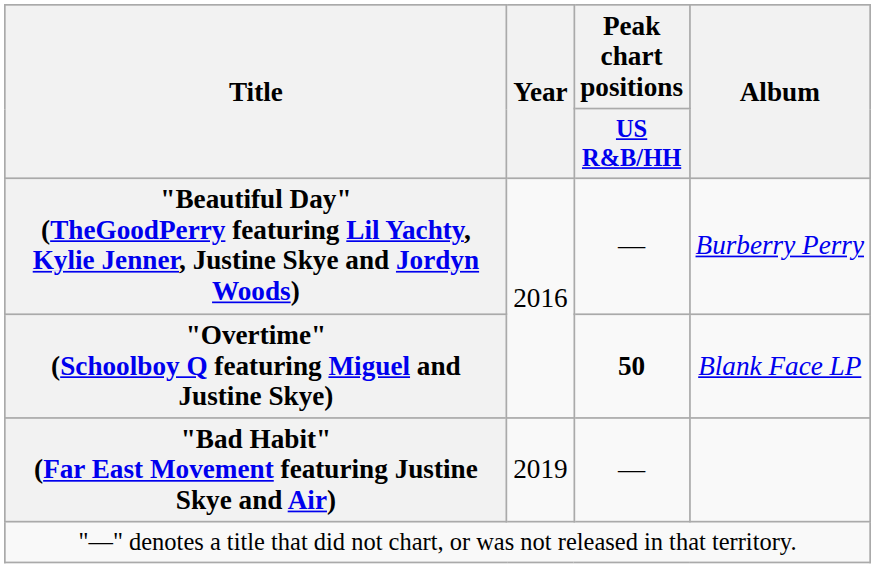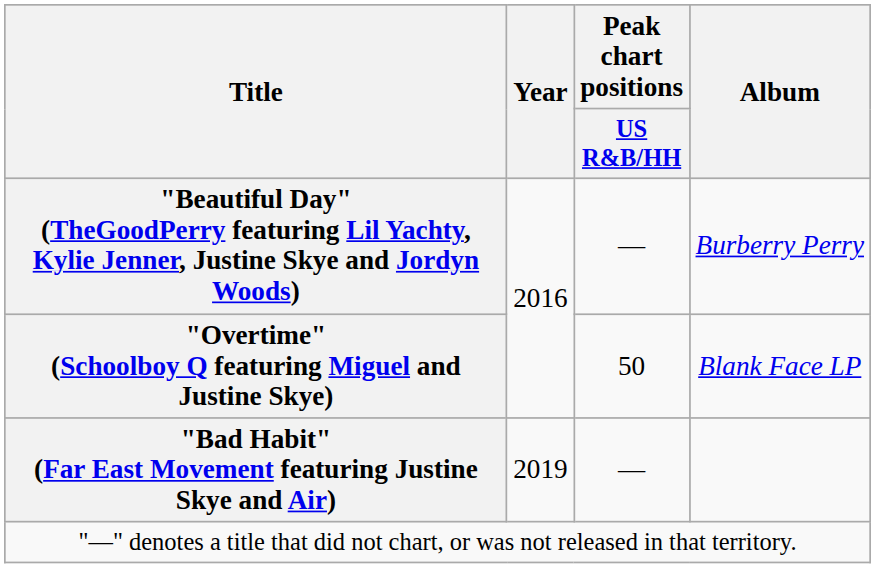 <table class="wikitable plainrowheaders" style="text-align:center;">
 <tr>
 <th scope="col" rowspan="2" style="width:18em;">Title</th>
 <th scope="col" rowspan="2">Year</th>
 <th scope="col" colspan="1">Peak chart positions</th>
 <th scope="col" rowspan="2">Album</th>
 </tr>
 <tr>
 <th scope="col" style="width:3em;font-size:90%;"><a href='#'>US R&B/HH</a></th>
 </tr>
 <tr>
 <th scope="row">"Beautiful Day"<br><span>(<a href='#'>TheGoodPerry</a> featuring <a href='#'>Lil Yachty</a>, <a href='#'>Kylie Jenner</a>, Justine Skye and <a href='#'>Jordyn Woods</a>)</span></th>
 <td rowspan="2">2016</td>
 <td>—</td>
 <td><em><a href='#'>Burberry Perry</a></em></td>
 </tr>
 <tr>
 <th scope="row">"Overtime"<br><span>(<a href='#'>Schoolboy Q</a> featuring <a href='#'>Miguel</a> and Justine Skye)</span></th>
-<td><strong>50</strong></td>
+<td>50</td>
 <td><em><a href='#'>Blank Face LP</a></em></td>
 </tr>
 <tr>
 <th scope="row">"Bad Habit"<br><span>(<a href='#'>Far East Movement</a> featuring Justine Skye and <a href='#'>Air</a>)</span></th>
 <td>2019</td>
 <td>—</td>
 <td></td>
 </tr>
 <tr>
 <td colspan="5" style="font-size:90%">"—" denotes a title that did not chart, or was not released in that territory.</td>
 </tr>
 </table>
